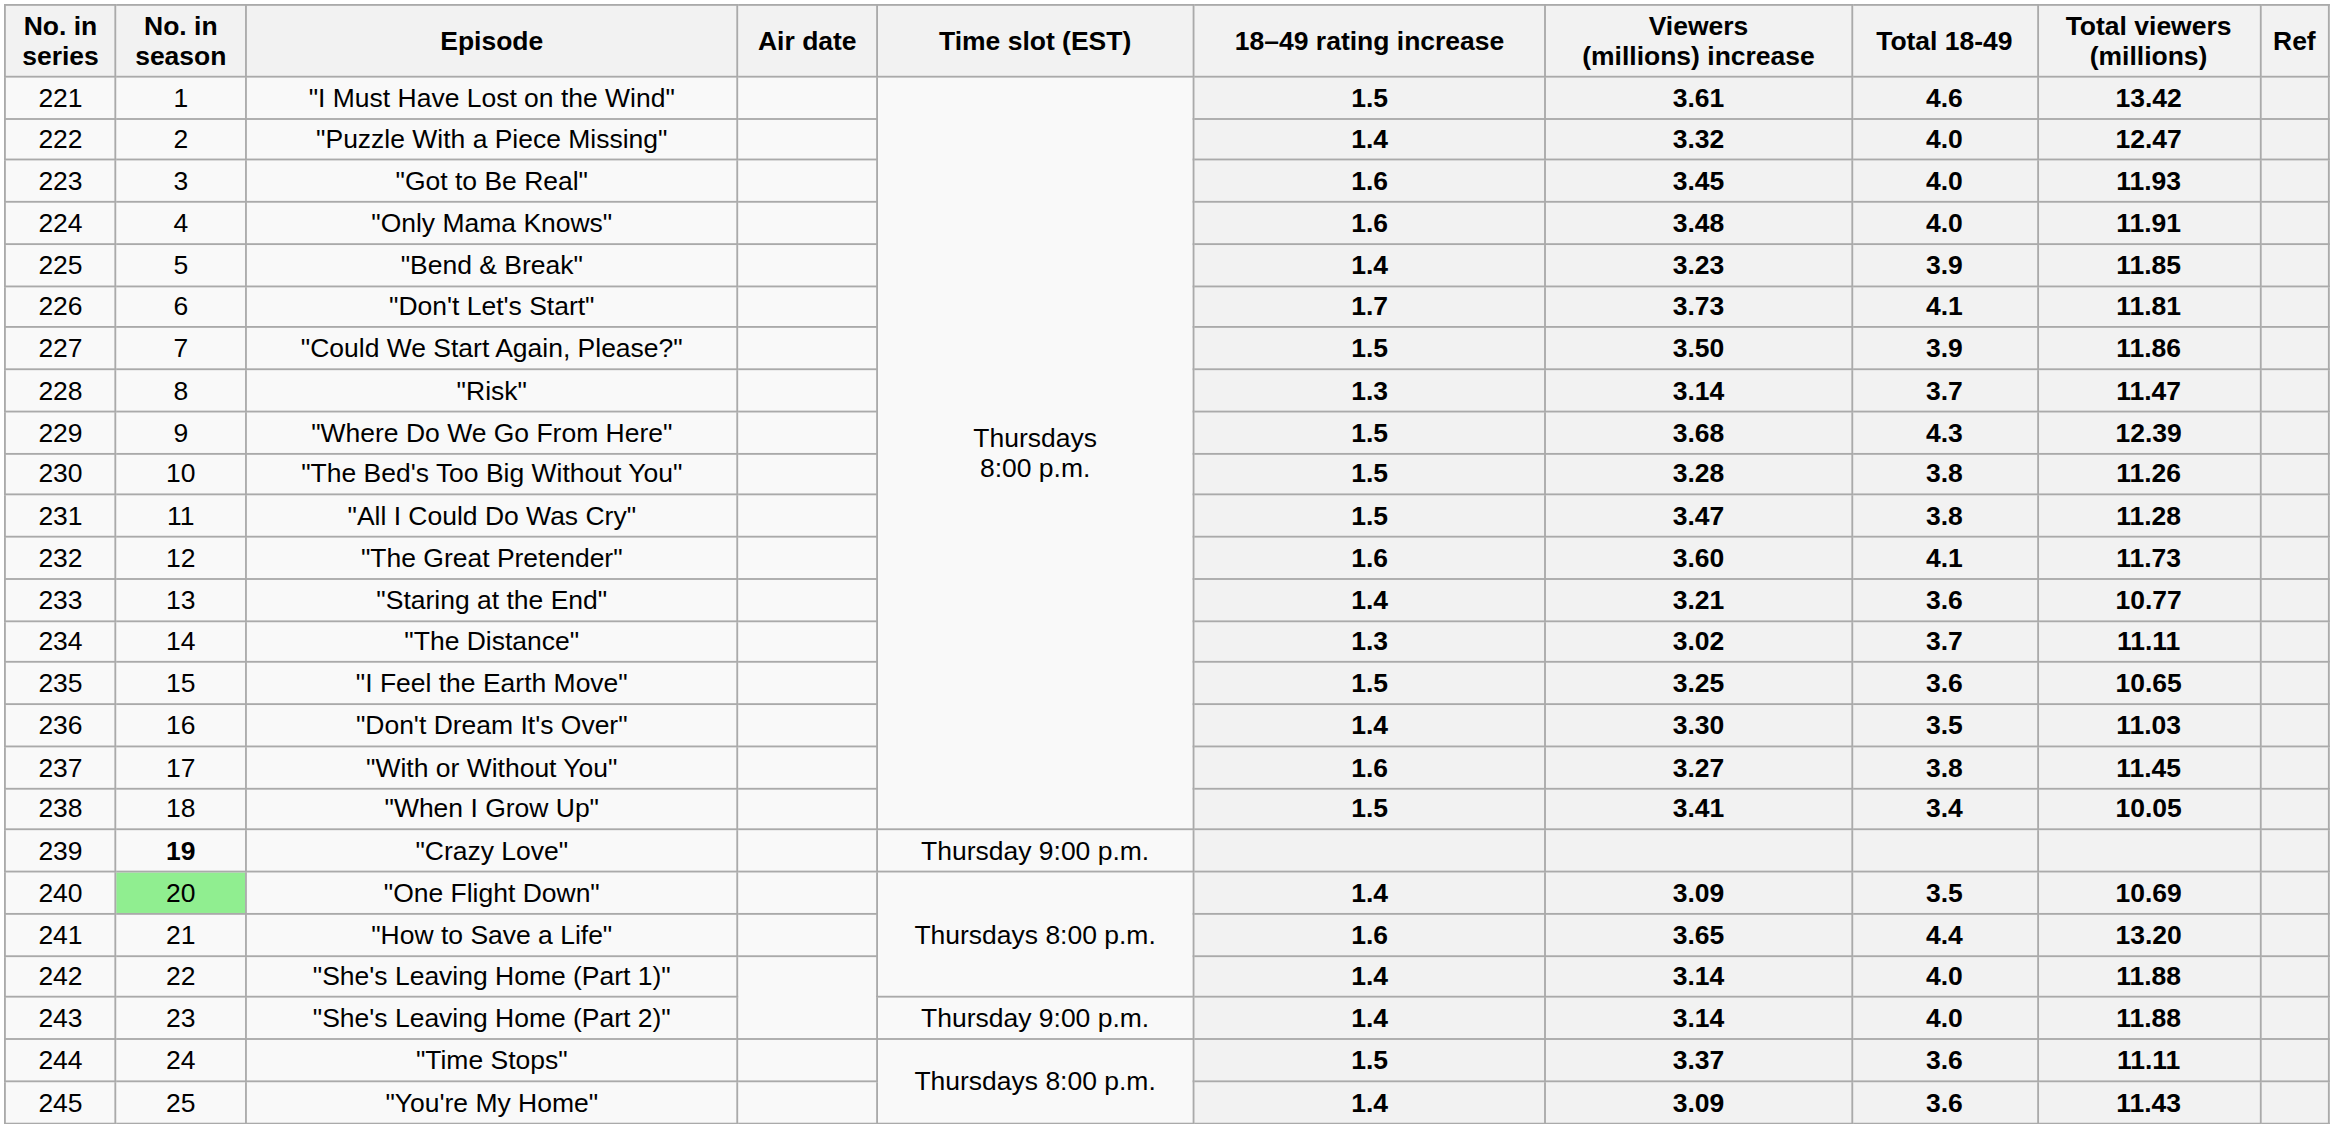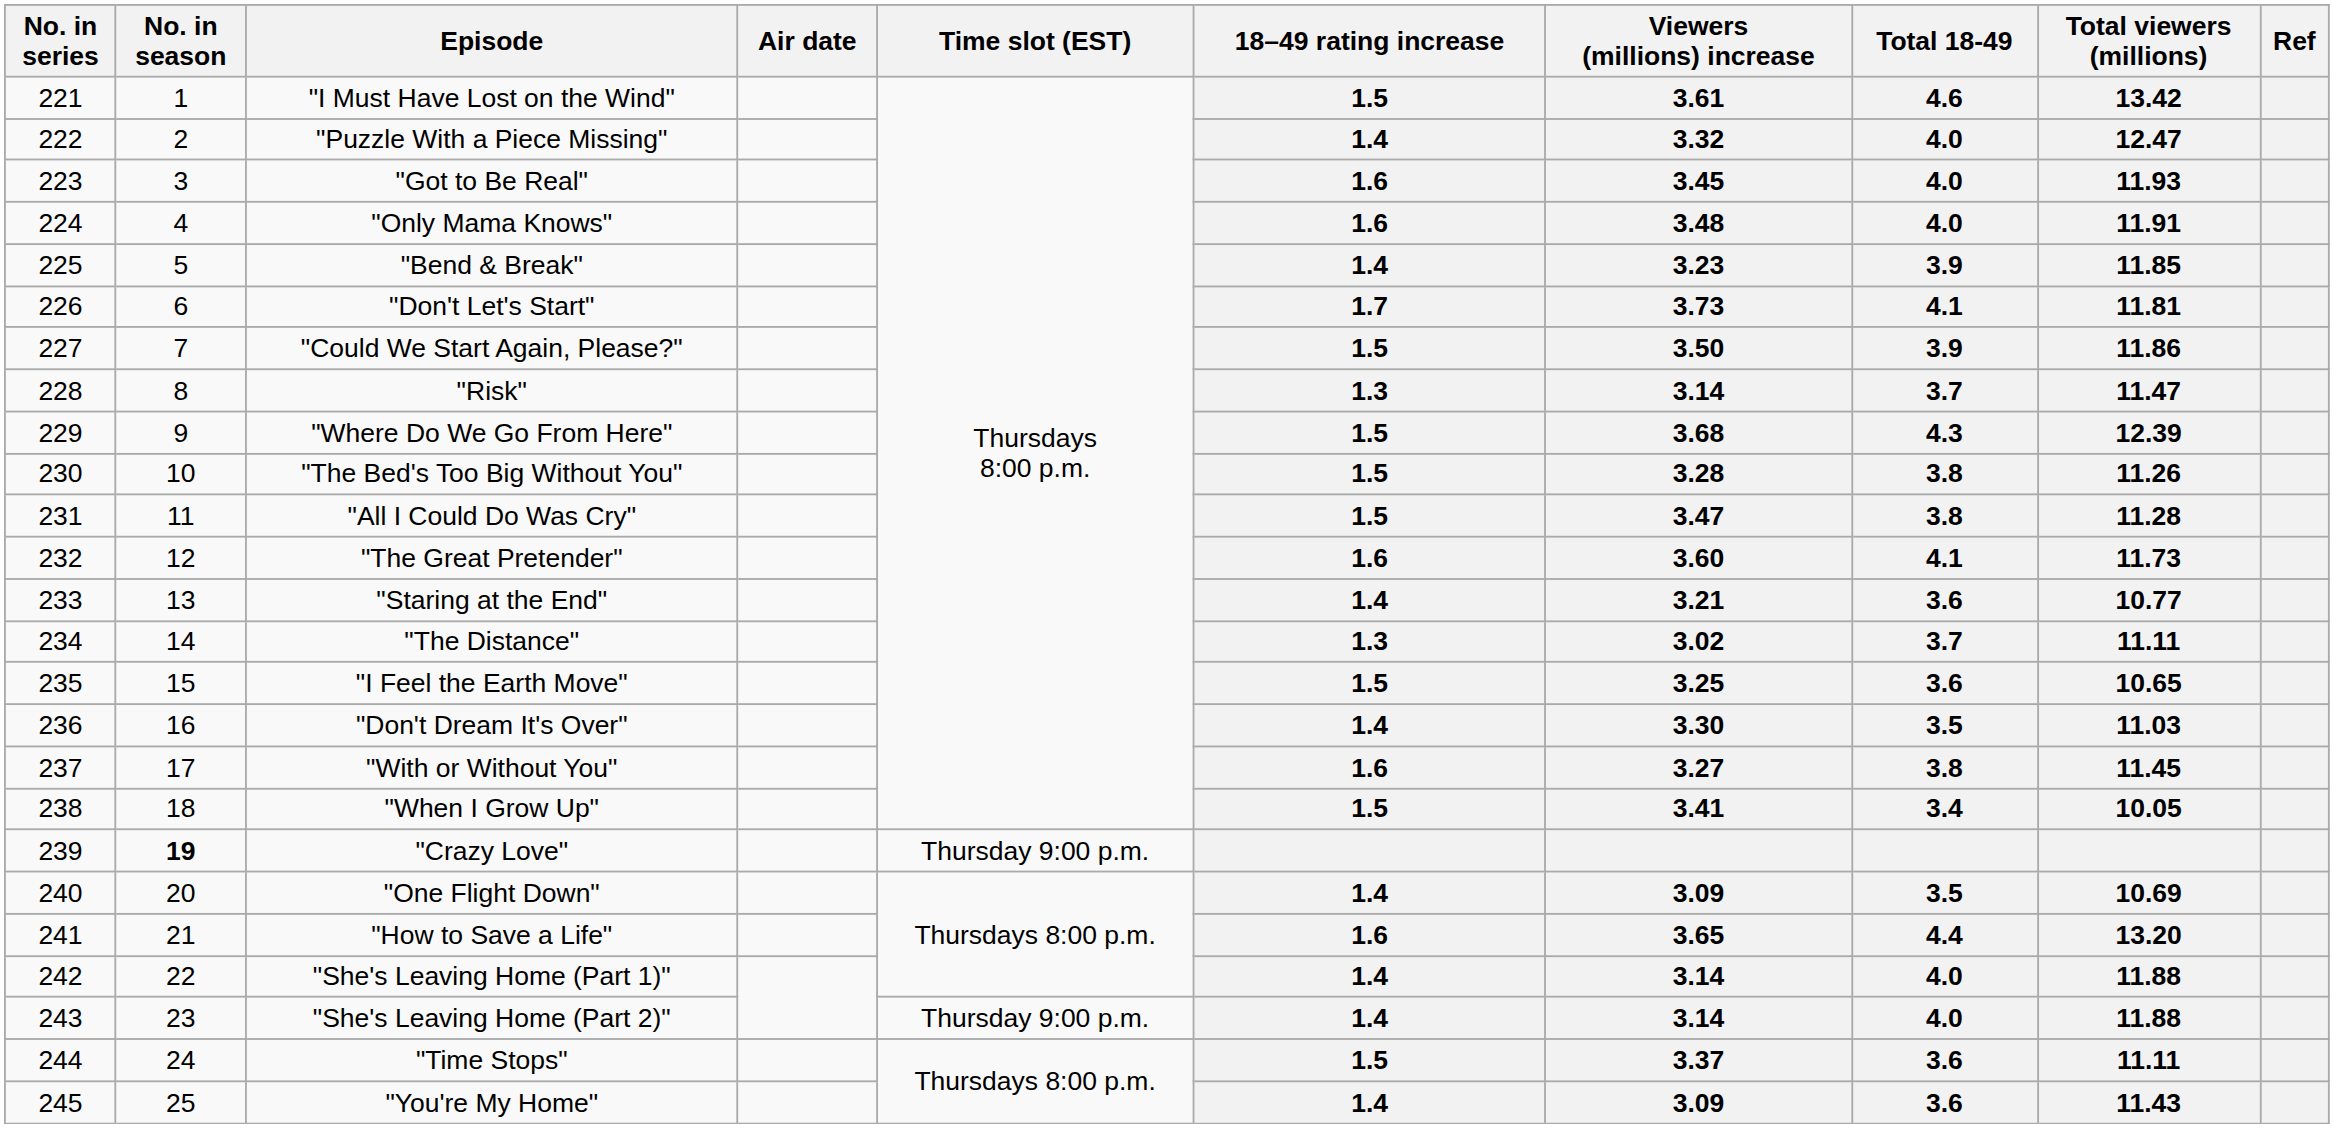 <table class="wikitable" style="font-size:90%; text-align:center; width: 100%; margin-left: auto; margin-right: auto;">
 <tr>
 <th>No. in<br>series</th>
 <th>No. in<br>season</th>
 <th>Episode</th>
 <th>Air date</th>
 <th>Time slot (EST)</th>
 <th>18–49 rating increase</th>
 <th>Viewers<br>(millions) increase</th>
 <th>Total 18-49</th>
 <th>Total viewers<br>(millions)</th>
 <th>Ref</th>
 </tr>
 <tr>
 <td style="text-align:center">221</td>
 <td style="text-align:center">1</td>
 <td>"I Must Have Lost on the Wind"</td>
 <td></td>
 <td style="text-align:center" rowspan=18>Thursdays<br>8:00 p.m.</td>
 <th style="text-align:center">1.5</th>
 <th style="text-align:center">3.61</th>
 <th style="text-align:center">4.6</th>
 <th style="text-align:center">13.42</th>
 <th style="text-align:center"></th>
 </tr>
 <tr>
 <td style="text-align:center">222</td>
 <td style="text-align:center">2</td>
 <td>"Puzzle With a Piece Missing"</td>
 <td></td>
 <th style="text-align:center">1.4</th>
 <th style="text-align:center">3.32</th>
 <th style="text-align:center">4.0</th>
 <th style="text-align:center">12.47</th>
 <th style="text-align:center"></th>
 </tr>
 <tr>
 <td style="text-align:center">223</td>
 <td style="text-align:center">3</td>
 <td>"Got to Be Real"</td>
 <td></td>
 <th style="text-align:center">1.6</th>
 <th style="text-align:center">3.45</th>
 <th style="text-align:center">4.0</th>
 <th style="text-align:center">11.93</th>
 <th style="text-align:center"></th>
 </tr>
 <tr>
 <td style="text-align:center">224</td>
 <td style="text-align:center">4</td>
 <td>"Only Mama Knows"</td>
 <td></td>
 <th style="text-align:center">1.6</th>
 <th style="text-align:center">3.48</th>
 <th style="text-align:center">4.0</th>
 <th style="text-align:center">11.91</th>
 <th style="text-align:center"></th>
 </tr>
 <tr>
 <td style="text-align:center">225</td>
 <td style="text-align:center">5</td>
 <td>"Bend & Break"</td>
 <td></td>
 <th style="text-align:center">1.4</th>
 <th style="text-align:center">3.23</th>
 <th style="text-align:center">3.9</th>
 <th style="text-align:center">11.85</th>
 <th style="text-align:center"></th>
 </tr>
 <tr>
 <td style="text-align:center">226</td>
 <td style="text-align:center">6</td>
 <td>"Don't Let's Start"</td>
 <td></td>
 <th style="text-align:center">1.7</th>
 <th style="text-align:center">3.73</th>
 <th style="text-align:center">4.1</th>
 <th style="text-align:center">11.81</th>
 <th style="text-align:center"></th>
 </tr>
 <tr>
 <td style="text-align:center">227</td>
 <td style="text-align:center">7</td>
 <td>"Could We Start Again, Please?"</td>
 <td></td>
 <th style="text-align:center">1.5</th>
 <th style="text-align:center">3.50</th>
 <th style="text-align:center">3.9</th>
 <th style="text-align:center">11.86</th>
 <th style="text-align:center"></th>
 </tr>
 <tr>
 <td style="text-align:center">228</td>
 <td style="text-align:center">8</td>
 <td>"Risk"</td>
 <td></td>
 <th style="text-align:center">1.3</th>
 <th style="text-align:center">3.14</th>
 <th style="text-align:center">3.7</th>
 <th style="text-align:center">11.47</th>
 <th style="text-align:center"></th>
 </tr>
 <tr>
 <td style="text-align:center">229</td>
 <td style="text-align:center">9</td>
 <td>"Where Do We Go From Here"</td>
 <td></td>
 <th style="text-align:center">1.5</th>
 <th style="text-align:center">3.68</th>
 <th style="text-align:center">4.3</th>
 <th style="text-align:center">12.39</th>
 <th style="text-align:center"></th>
 </tr>
 <tr>
 <td style="text-align:center">230</td>
 <td style="text-align:center">10</td>
 <td>"The Bed's Too Big Without You"</td>
 <td></td>
 <th style="text-align:center">1.5</th>
 <th style="text-align:center">3.28</th>
 <th style="text-align:center">3.8</th>
 <th style="text-align:center">11.26</th>
 <th style="text-align:center"></th>
 </tr>
 <tr>
 <td style="text-align:center">231</td>
 <td style="text-align:center">11</td>
 <td>"All I Could Do Was Cry"</td>
 <td></td>
 <th style="text-align:center">1.5</th>
 <th style="text-align:center">3.47</th>
 <th style="text-align:center">3.8</th>
 <th style="text-align:center">11.28</th>
 <th style="text-align:center"></th>
 </tr>
 <tr>
 <td style="text-align:center">232</td>
 <td style="text-align:center">12</td>
 <td>"The Great Pretender"</td>
 <td></td>
 <th style="text-align:center">1.6</th>
 <th style="text-align:center">3.60</th>
 <th style="text-align:center">4.1</th>
 <th style="text-align:center">11.73</th>
 <th style="text-align:center"></th>
 </tr>
 <tr>
 <td style="text-align:center">233</td>
 <td style="text-align:center">13</td>
 <td>"Staring at the End"</td>
 <td></td>
 <th style="text-align:center">1.4</th>
 <th style="text-align:center">3.21</th>
 <th style="text-align:center">3.6</th>
 <th style="text-align:center">10.77</th>
 <th style="text-align:center"></th>
 </tr>
 <tr>
 <td style="text-align:center">234</td>
 <td style="text-align:center">14</td>
 <td>"The Distance"</td>
 <td></td>
 <th style="text-align:center">1.3</th>
 <th style="text-align:center">3.02</th>
 <th style="text-align:center">3.7</th>
 <th style="text-align:center">11.11</th>
 <th style="text-align:center"></th>
 </tr>
 <tr>
 <td style="text-align:center">235</td>
 <td style="text-align:center">15</td>
 <td>"I Feel the Earth Move"</td>
 <td></td>
 <th style="text-align:center">1.5</th>
 <th style="text-align:center">3.25</th>
 <th style="text-align:center">3.6</th>
 <th style="text-align:center">10.65</th>
 <th style="text-align:center"></th>
 </tr>
 <tr>
 <td style="text-align:center">236</td>
 <td style="text-align:center">16</td>
 <td>"Don't Dream It's Over"</td>
 <td></td>
 <th style="text-align:center">1.4</th>
 <th style="text-align:center">3.30</th>
 <th style="text-align:center">3.5</th>
 <th style="text-align:center">11.03</th>
 <th style="text-align:center"></th>
 </tr>
 <tr>
 <td style="text-align:center">237</td>
 <td style="text-align:center">17</td>
 <td>"With or Without You"</td>
 <td></td>
 <th style="text-align:center">1.6</th>
 <th style="text-align:center">3.27</th>
 <th style="text-align:center">3.8</th>
 <th style="text-align:center">11.45</th>
 <th style="text-align:center"></th>
 </tr>
 <tr>
 <td style="text-align:center">238</td>
 <td style="text-align:center">18</td>
 <td>"When I Grow Up"</td>
 <td></td>
 <th style="text-align:center">1.5</th>
 <th style="text-align:center">3.41</th>
 <th style="text-align:center">3.4</th>
 <th style="text-align:center">10.05</th>
 <th style="text-align:center"></th>
 </tr>
 <tr>
 <td style="text-align:center">239</td>
 <td style="text-align:center"><strong>19</strong></td>
 <td>"Crazy Love"</td>
 <td></td>
 <td style="text-align:center">Thursday 9:00 p.m.</td>
 <th></th>
 <th></th>
 <th></th>
 <th></th>
 <th></th>
 </tr>
 <tr>
 <td style="text-align:center">240</td>
-<td style="background: lightgreen; text-align:center">20</td>
+<td style="text-align:center">20</td>
 <td>"One Flight Down"</td>
 <td></td>
 <td style="text-align:center" rowspan=3>Thursdays 8:00 p.m.</td>
 <th style="text-align:center">1.4</th>
 <th style="text-align:center">3.09</th>
 <th style="text-align:center">3.5</th>
 <th style="text-align:center">10.69</th>
 <th style="text-align:center"></th>
 </tr>
 <tr>
 <td style="text-align:center">241</td>
 <td style="text-align:center">21</td>
 <td>"How to Save a Life"</td>
 <td></td>
 <th style="text-align:center">1.6</th>
 <th style="text-align:center">3.65</th>
 <th style="text-align:center">4.4</th>
 <th style="text-align:center">13.20</th>
 <th style="text-align:center"></th>
 </tr>
 <tr>
 <td style="text-align:center">242</td>
 <td style="text-align:center">22</td>
 <td>"She's Leaving Home (Part 1)"</td>
 <td rowspan=2></td>
 <th style="text-align:center">1.4</th>
 <th style="text-align:center">3.14</th>
 <th style="text-align:center">4.0</th>
 <th style="text-align:center">11.88</th>
 <th style="text-align:center"></th>
 </tr>
 <tr>
 <td style="text-align:center">243</td>
 <td style="text-align:center">23</td>
 <td>"She's Leaving Home (Part 2)"</td>
 <td style="text-align:center">Thursday 9:00 p.m.</td>
 <th style="text-align:center">1.4</th>
 <th style="text-align:center">3.14</th>
 <th style="text-align:center">4.0</th>
 <th style="text-align:center">11.88</th>
 <th style="text-align:center"></th>
 </tr>
 <tr>
 <td style="text-align:center">244</td>
 <td style="text-align:center">24</td>
 <td>"Time Stops"</td>
 <td></td>
 <td style="text-align:center" rowspan=2>Thursdays 8:00 p.m.</td>
 <th style="text-align:center">1.5</th>
 <th style="text-align:center">3.37</th>
 <th style="text-align:center">3.6</th>
 <th style="text-align:center">11.11</th>
 <th style="text-align:center"></th>
 </tr>
 <tr>
 <td style="text-align:center">245</td>
 <td style="text-align:center">25</td>
 <td>"You're My Home"</td>
 <td></td>
 <th style="text-align:center">1.4</th>
 <th style="text-align:center">3.09</th>
 <th style="text-align:center">3.6</th>
 <th style="text-align:center">11.43</th>
 <th style="text-align:center"></th>
 </tr>
 </table>
